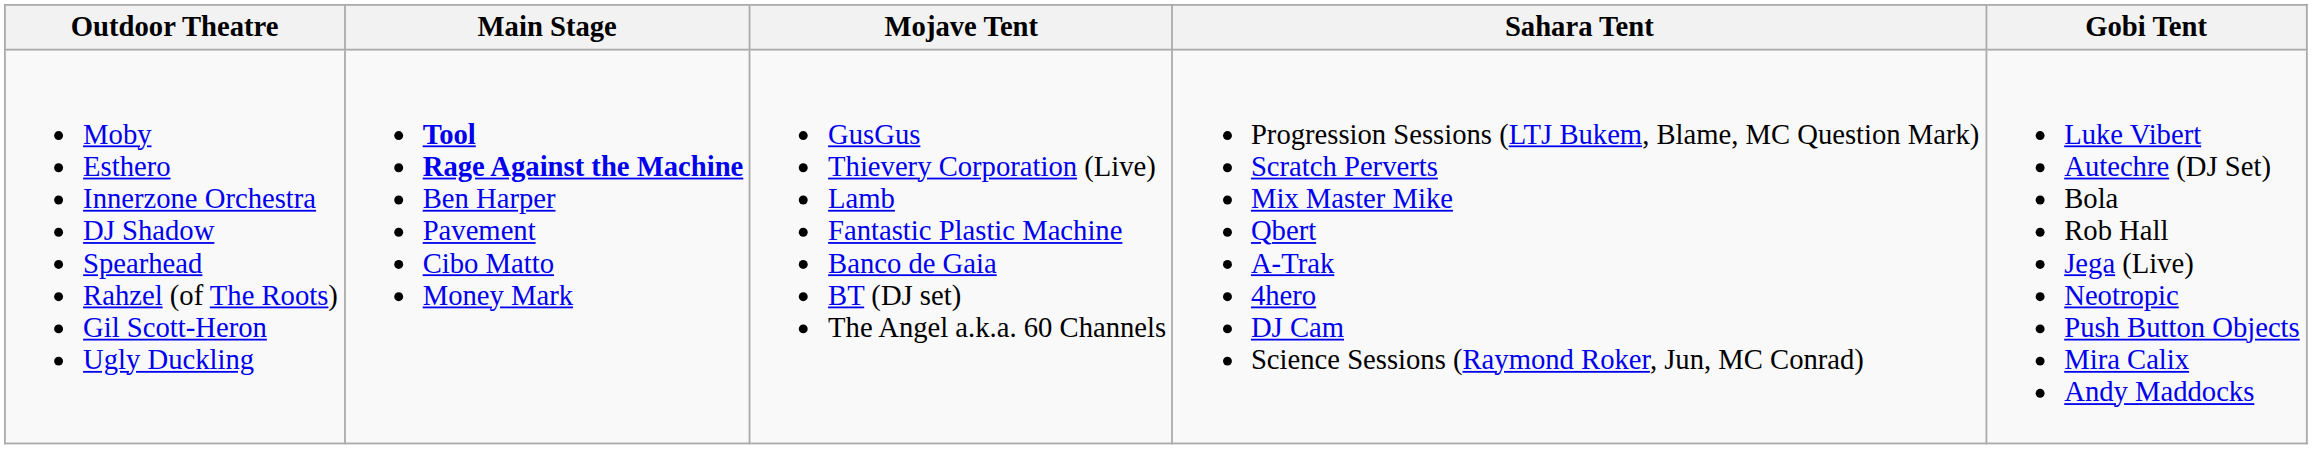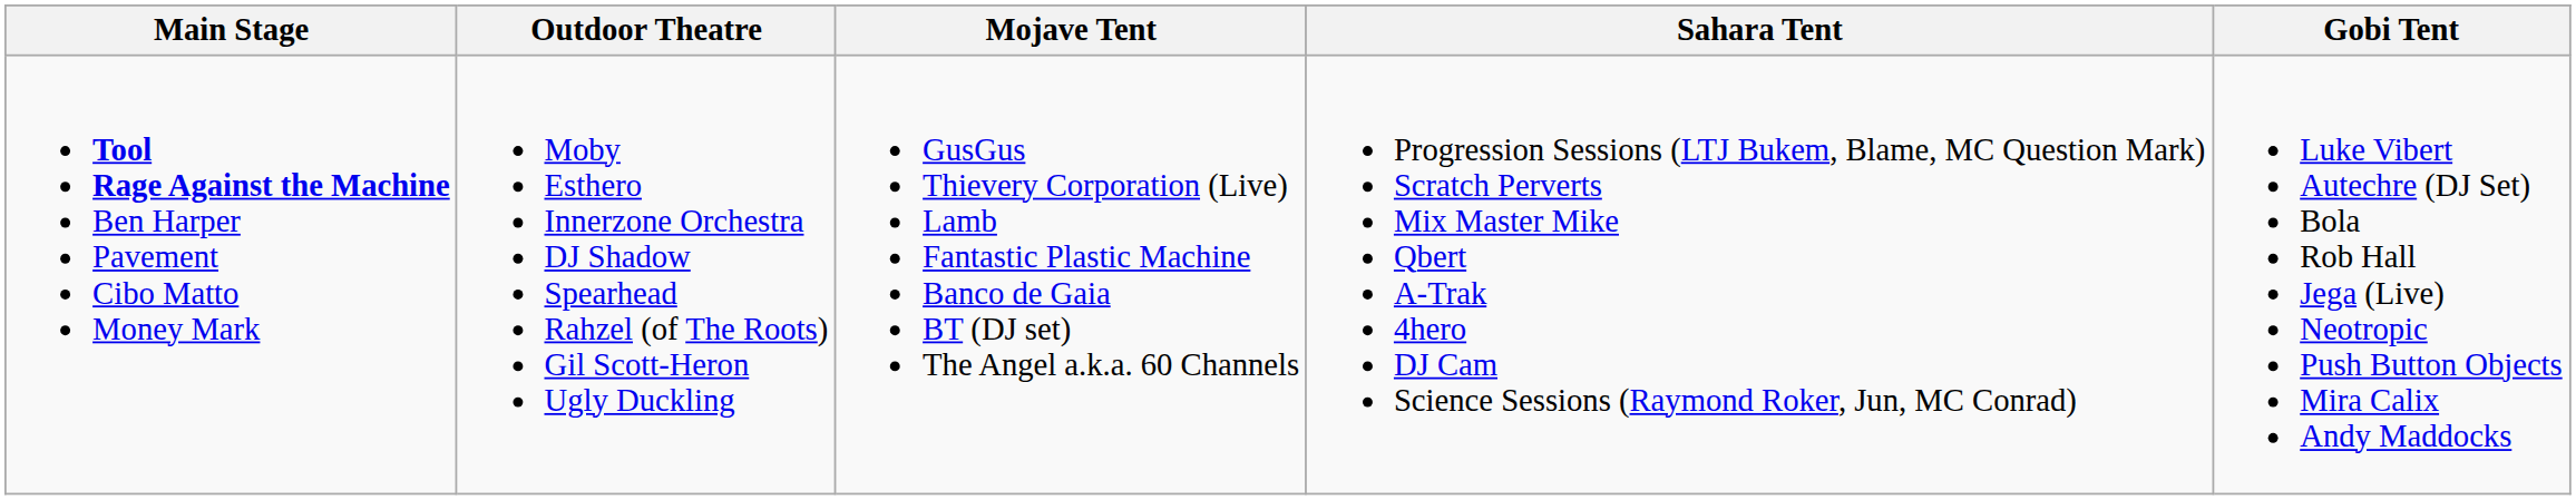 <table class="wikitable">
 <tr>
+<th>Main Stage</th>
 <th>Outdoor Theatre</th>
-<th>Main Stage</th>
 <th>Mojave Tent</th>
 <th>Sahara Tent</th>
 <th>Gobi Tent</th>
 </tr>
 <tr valign="top">
+<td><br><ul><li><strong><a href='#'>Tool</a></strong></li><li><strong><a href='#'>Rage Against the Machine</a></strong></li><li><a href='#'>Ben Harper</a></li><li><a href='#'>Pavement</a></li><li><a href='#'>Cibo Matto</a></li><li><a href='#'>Money Mark</a></li></ul></td>
 <td><br><ul><li><a href='#'>Moby</a></li><li><a href='#'>Esthero</a></li><li><a href='#'>Innerzone Orchestra</a></li><li><a href='#'>DJ Shadow</a></li><li><a href='#'>Spearhead</a></li><li><a href='#'>Rahzel</a> (of <a href='#'>The Roots</a>)</li><li><a href='#'>Gil Scott-Heron</a></li><li><a href='#'>Ugly Duckling</a></li></ul></td>
-<td><br><ul><li><strong><a href='#'>Tool</a></strong></li><li><strong><a href='#'>Rage Against the Machine</a></strong></li><li><a href='#'>Ben Harper</a></li><li><a href='#'>Pavement</a></li><li><a href='#'>Cibo Matto</a></li><li><a href='#'>Money Mark</a></li></ul></td>
 <td><br><ul><li><a href='#'>GusGus</a></li><li><a href='#'>Thievery Corporation</a> (Live)</li><li><a href='#'>Lamb</a></li><li><a href='#'>Fantastic Plastic Machine</a></li><li><a href='#'>Banco de Gaia</a></li><li><a href='#'>BT</a> (DJ set)</li><li>The Angel a.k.a. 60 Channels</li></ul></td>
 <td><br><ul><li>Progression Sessions (<a href='#'>LTJ Bukem</a>, Blame, MC Question Mark)</li><li><a href='#'>Scratch Perverts</a></li><li><a href='#'>Mix Master Mike</a></li><li><a href='#'>Qbert</a></li><li><a href='#'>A-Trak</a></li><li><a href='#'>4hero</a></li><li><a href='#'>DJ Cam</a></li><li>Science Sessions (<a href='#'>Raymond Roker</a>, Jun, MC Conrad)</li></ul></td>
 <td><br><ul><li><a href='#'>Luke Vibert</a></li><li><a href='#'>Autechre</a> (DJ Set)</li><li>Bola</li><li>Rob Hall</li><li><a href='#'>Jega</a> (Live)</li><li><a href='#'>Neotropic</a></li><li><a href='#'>Push Button Objects</a></li><li><a href='#'>Mira Calix</a></li><li><a href='#'>Andy Maddocks</a></li></ul></td>
 </tr>
 </table>
